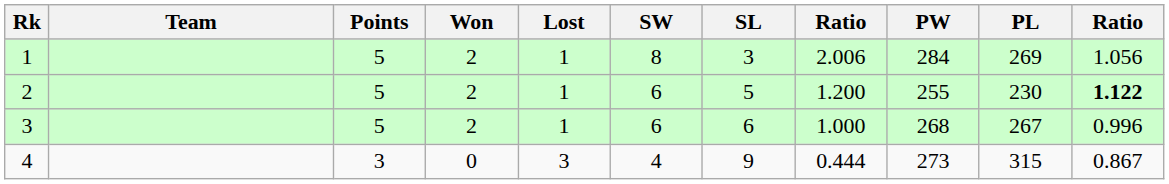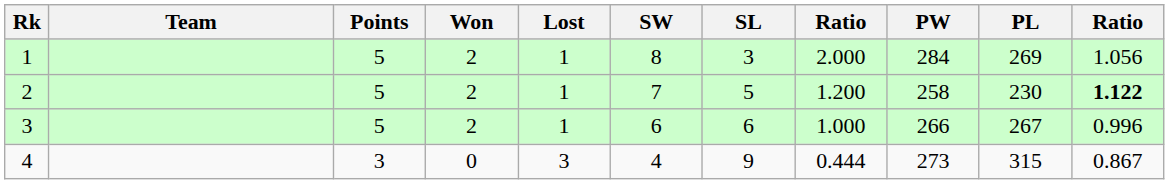 <table class=wikitable style=text-align:center>
 <tr style="background: #DCDCDC">
 <th width=25>Rk</th>
 <th width=200>Team</th>
 <th width=60>Points</th>
 <th width=60>Won</th>
 <th width=60>Lost</th>
 <th width=60>SW</th>
 <th width=60>SL</th>
 <th width=60>Ratio</th>
 <th width=60>PW</th>
 <th width=60>PL</th>
 <th width=60>Ratio</th>
 </tr>
 <tr style="background: #CCFFCC">
 <td>1</td>
 <td align=left></td>
 <td>5</td>
 <td>2</td>
 <td>1</td>
 <td>8</td>
 <td>3</td>
-<td>2.006</td>
+<td>2.000</td>
 <td>284</td>
 <td>269</td>
 <td>1.056</td>
 </tr>
 <tr style="background: #CCFFCC">
 <td>2</td>
 <td align=left></td>
 <td>5</td>
 <td>2</td>
 <td>1</td>
-<td>6</td>
+<td>7</td>
 <td>5</td>
 <td>1.200</td>
-<td>255</td>
+<td>258</td>
 <td>230</td>
 <td><strong>1.122</strong></td>
 </tr>
 <tr style="background: #CCFFCC">
 <td>3</td>
 <td align=left></td>
 <td>5</td>
 <td>2</td>
 <td>1</td>
 <td>6</td>
 <td>6</td>
 <td>1.000</td>
-<td>268</td>
+<td>266</td>
 <td>267</td>
 <td>0.996</td>
 </tr>
 <tr>
 <td>4</td>
 <td align=left></td>
 <td>3</td>
 <td>0</td>
 <td>3</td>
 <td>4</td>
 <td>9</td>
 <td>0.444</td>
 <td>273</td>
 <td>315</td>
 <td>0.867</td>
 </tr>
 </table>
